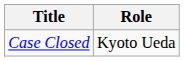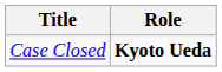 <table class="wikitable">
 <tr>
 <th>Title</th>
 <th>Role</th>
 </tr>
 <tr>
 <td><em><a href='#'>Case Closed</a></em></td>
-<td>Kyoto Ueda</td>
+<td><strong>Kyoto Ueda</strong></td>
 </tr>
 </table>
